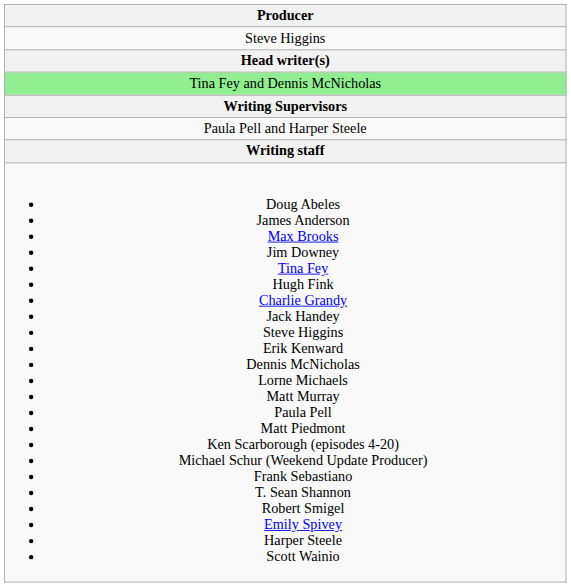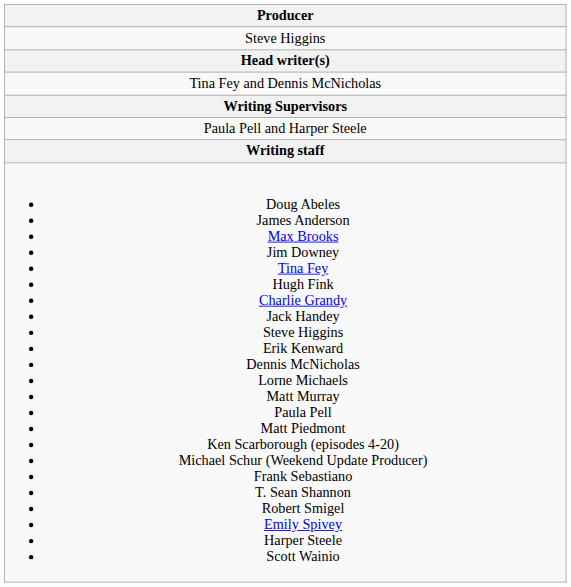 <table class="wikitable plainrowheaders"  style="text-align:center; width:50%;">
 <tr>
 <th><strong>Producer</strong></th>
 </tr>
 <tr>
 <td>Steve Higgins</td>
 </tr>
 <tr>
 <th><strong>Head writer(s)</strong></th>
 </tr>
 <tr>
-<td style="background: lightgreen;">Tina Fey and Dennis McNicholas</td>
+<td>Tina Fey and Dennis McNicholas</td>
 </tr>
 <tr>
 <th><strong>Writing Supervisors</strong></th>
 </tr>
 <tr>
 <td>Paula Pell and Harper Steele</td>
 </tr>
 <tr>
 <th><strong>Writing staff</strong></th>
 </tr>
 <tr>
 <td><br><ul><li>Doug Abeles</li><li>James Anderson</li><li><a href='#'>Max Brooks</a></li><li>Jim Downey</li><li><a href='#'>Tina Fey</a></li><li>Hugh Fink</li><li><a href='#'>Charlie Grandy</a></li><li>Jack Handey</li><li>Steve Higgins</li><li>Erik Kenward</li><li>Dennis McNicholas</li><li>Lorne Michaels</li><li>Matt Murray</li><li>Paula Pell</li><li>Matt Piedmont</li><li>Ken Scarborough (episodes 4-20)</li><li>Michael Schur (Weekend Update Producer)</li><li>Frank Sebastiano</li><li>T. Sean Shannon</li><li>Robert Smigel</li><li><a href='#'>Emily Spivey</a></li><li>Harper Steele</li><li>Scott Wainio</li></ul></td>
 </tr>
 </table>
